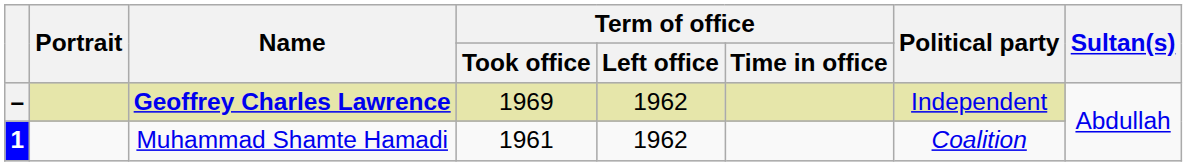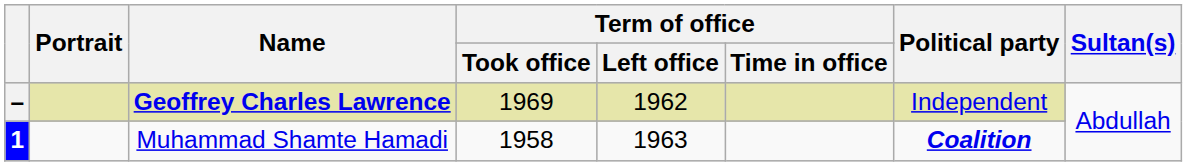 <table class="wikitable" style="text-align:center">
 <tr>
 <th rowspan="2"></th>
 <th rowspan="2">Portrait</th>
 <th rowspan="2">Name<br></th>
 <th colspan="3">Term of office</th>
 <th rowspan="2">Political party</th>
 <th rowspan="2"><a href='#'>Sultan(s)</a></th>
 </tr>
 <tr>
 <th>Took office</th>
 <th>Left office</th>
 <th>Time in office</th>
 </tr>
 <tr>
 <th style="background:">–</th>
 <td style="background:#e6e6aa;"></td>
 <td style="background:#e6e6aa;"><strong><a href='#'>Geoffrey Charles Lawrence</a><br></strong></td>
 <td style="background:#e6e6aa;"> 1969</td>
 <td style="background:#e6e6aa;"> 1962</td>
 <td style="background:#e6e6aa;"></td>
 <td style="background:#e6e6aa;"><a href='#'>Independent</a></td>
 <td rowspan=2><a href='#'>Abdullah</a></td>
 </tr>
 <tr>
 <th style="background:Blue; color:white;">1</th>
 <td></td>
 <td><a href='#'>Muhammad Shamte Hamadi</a><br></td>
-<td> 1961</td>
-<td> 1962</td>
+<td> 1958</td>
+<td> 1963</td>
 <td></td>
-<td><em><a href='#'>Coalition</a></em><br></td>
+<td><strong><em><a href='#'>Coalition</a></em><br></strong></td>
 </tr>
 </table>
